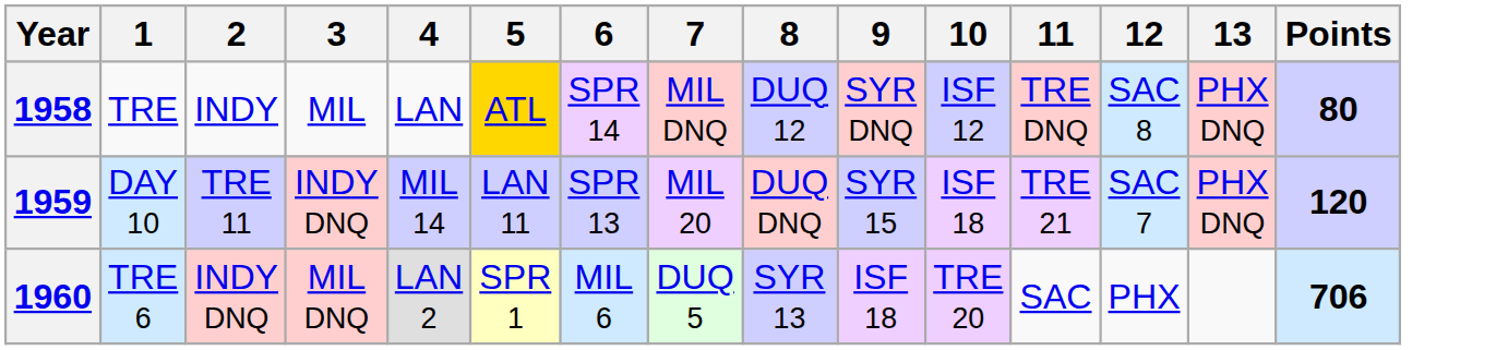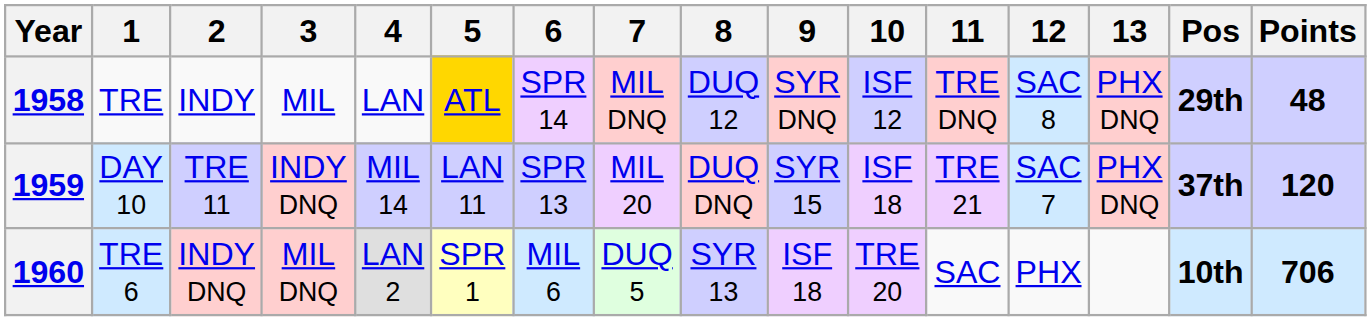 <table class="wikitable" style="text-align:center; font-size:90%">
 <tr>
 <th>Year</th>
 <th>1</th>
 <th>2</th>
 <th>3</th>
 <th>4</th>
 <th>5</th>
 <th>6</th>
 <th>7</th>
 <th>8</th>
 <th>9</th>
 <th>10</th>
 <th>11</th>
 <th>12</th>
 <th>13</th>
+<th>Pos</th>
 <th>Points</th>
 </tr>
 <tr>
 <th rowspan=1><a href='#'>1958</a></th>
 <td><a href='#'>TRE</a></td>
 <td><a href='#'>INDY</a><br><small> </small></td>
 <td><a href='#'>MIL</a><br><small> </small></td>
 <td><a href='#'>LAN</a></td>
 <td style="background: gold;"><a href='#'>ATL</a></td>
 <td style="background:#EFCFFF;"><a href='#'>SPR</a><br><small>14</small></td>
 <td style="background:#FFCFCF;"><a href='#'>MIL</a><br><small>DNQ</small></td>
 <td style="background:#CFCFFF;"><a href='#'>DUQ</a><br><small>12</small></td>
 <td style="background:#FFCFCF;"><a href='#'>SYR</a><br><small>DNQ</small></td>
 <td style="background:#CFCFFF;"><a href='#'>ISF</a><br><small>12</small></td>
 <td style="background:#FFCFCF;"><a href='#'>TRE</a><br><small>DNQ</small></td>
 <td style="background:#cfeaff;"><a href='#'>SAC</a><br><small>8</small></td>
 <td style="background:#FFCFCF;"><a href='#'>PHX</a><br><small>DNQ</small></td>
-<th style="background:#CFCFFF;">80</th>
+<th style="background:#CFCFFF;">29th</th>
+<th style="background:#CFCFFF;">48</th>
 </tr>
 <tr>
 <th rowspan=1><a href='#'>1959</a></th>
 <td style="background:#cfeaff;"><a href='#'>DAY</a><br><small>10</small></td>
 <td style="background:#cfcfff;"><a href='#'>TRE</a><br><small>11</small></td>
 <td style="background:#ffcfcf;"><a href='#'>INDY</a><br><small>DNQ</small></td>
 <td style="background:#cfcfff;"><a href='#'>MIL</a><br><small>14</small></td>
 <td style="background:#cfcfff;"><a href='#'>LAN</a><br><small>11</small></td>
 <td style="background:#cfcfff;"><a href='#'>SPR</a><br><small>13</small></td>
 <td style="background:#efcfff;"><a href='#'>MIL</a><br><small>20</small></td>
 <td style="background:#ffcfcf;"><a href='#'>DUQ</a><br><small>DNQ</small></td>
 <td style="background:#cfcfff;"><a href='#'>SYR</a><br><small>15</small></td>
 <td style="background:#efcfff;"><a href='#'>ISF</a><br><small>18</small></td>
 <td style="background:#efcfff;"><a href='#'>TRE</a><br><small>21</small></td>
 <td style="background:#CFEAFF;"><a href='#'>SAC</a><br><small>7</small></td>
 <td style="background:#ffcfcf;"><a href='#'>PHX</a><br><small>DNQ</small></td>
+<th style="background:#CFCFFF;">37th</th>
 <th style="background:#CFCFFF;">120</th>
 </tr>
 <tr>
 <th><a href='#'>1960</a></th>
 <td style="background:#CFEAFF;"><a href='#'>TRE</a><br><small>6</small></td>
 <td style="background:#FFCFCF;"><a href='#'>INDY</a><br><small>DNQ</small></td>
 <td style="background:#FFCFCF;"><a href='#'>MIL</a><br><small>DNQ</small></td>
 <td style="background:#DFDFDF;"><a href='#'>LAN</a><br><small>2</small></td>
 <td style="background:#FFFFBF;"><a href='#'>SPR</a><br><small>1</small></td>
 <td style="background:#CFEAFF;"><a href='#'>MIL</a><br><small>6</small></td>
 <td style="background:#DFFFDF;"><a href='#'>DUQ</a><br><small>5</small></td>
 <td style="background:#CFCFFF;"><a href='#'>SYR</a><br><small>13</small></td>
 <td style="background:#EFCFFF;"><a href='#'>ISF</a><br><small>18</small></td>
 <td style="background:#EFCFFF;"><a href='#'>TRE</a><br><small>20</small></td>
 <td><a href='#'>SAC</a></td>
 <td><a href='#'>PHX</a></td>
 <td colspan=1></td>
+<th style="background:#CFEAFF;">10th</th>
 <th style="background:#CFEAFF;">706</th>
 </tr>
 </table>
